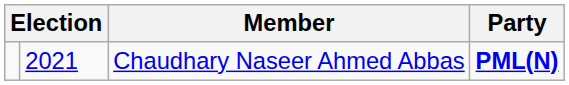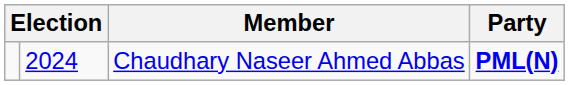 <table class="wikitable">
 <tr>
 <th colspan="2">Election</th>
 <th>Member</th>
 <th>Party</th>
 </tr>
 <tr>
 <td style="background-color: "></td>
-<td><a href='#'>2021</a></td>
+<td><a href='#'>2024</a></td>
 <td><a href='#'>Chaudhary Naseer Ahmed Abbas</a></td>
 <td><strong><a href='#'>PML(N)</a></strong></td>
 </tr>
 </table>
